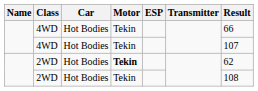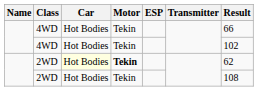 <table class="wikitable" style="font-size: 85%;">
 <tr>
 <th>Name</th>
 <th>Class</th>
 <th>Car</th>
 <th>Motor</th>
 <th>ESP</th>
 <th>Transmitter</th>
 <th>Result</th>
 </tr>
 <tr>
 <td rowspan=2> </td>
 <td>4WD</td>
 <td>Hot Bodies</td>
 <td>Tekin</td>
 <td></td>
 <td rowspan=2></td>
 <td>66</td>
 </tr>
 <tr>
 <td>4WD</td>
 <td>Hot Bodies</td>
 <td>Tekin</td>
 <td></td>
-<td>107</td>
+<td>102</td>
 </tr>
 <tr>
 <td rowspan=2> </td>
 <td>2WD</td>
-<td>Hot Bodies</td>
+<td style="background: lightyellow;">Hot Bodies</td>
 <td><strong>Tekin</strong></td>
 <td></td>
 <td rowspan=2></td>
 <td>62</td>
 </tr>
 <tr>
 <td>2WD</td>
 <td>Hot Bodies</td>
 <td>Tekin</td>
 <td></td>
 <td>108</td>
 </tr>
 </table>
